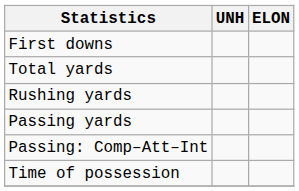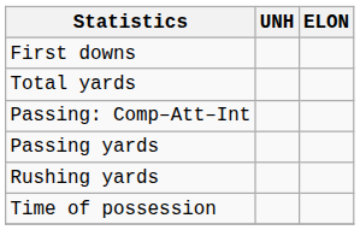 <table class="wikitable" style="float: left;">
 <tr>
 <th>Statistics</th>
 <th>UNH</th>
 <th>ELON</th>
 </tr>
 <tr>
 <td>First downs</td>
 <td></td>
 <td></td>
 </tr>
 <tr>
 <td>Total yards</td>
 <td></td>
 <td></td>
 </tr>
 <tr>
-<td>Rushing yards</td>
+<td>Passing: Comp–Att–Int</td>
 <td></td>
 <td></td>
 </tr>
 <tr>
 <td>Passing yards</td>
 <td></td>
 <td></td>
 </tr>
 <tr>
-<td>Passing: Comp–Att–Int</td>
+<td>Rushing yards</td>
 <td></td>
 <td></td>
 </tr>
 <tr>
 <td>Time of possession</td>
 <td></td>
 <td></td>
 </tr>
 <tr>
 </tr>
 </table>
